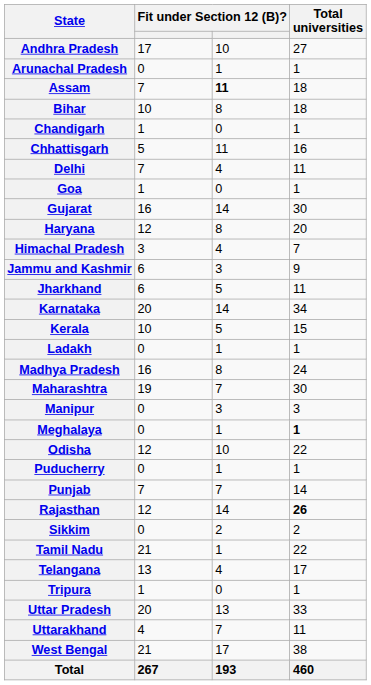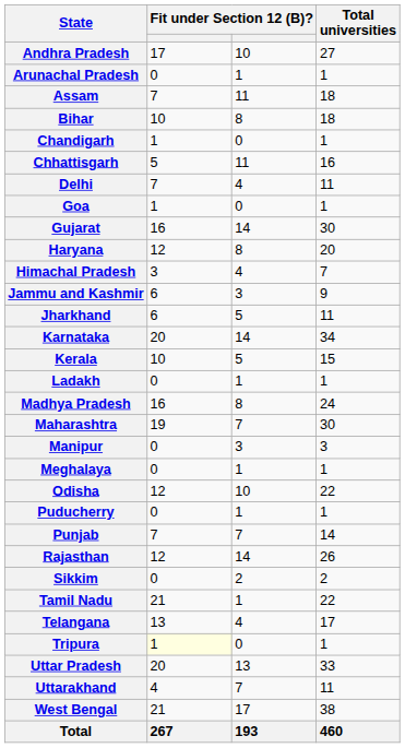 <table class="wikitable sortable collapsable plainrowheaders" border="1" style="text-align:left;">
 <tr>
 <th scope="col" rowspan = 2><a href='#'>State</a></th>
 <th scope="col" colspan = 2>Fit under Section 12 (B)?</th>
 <th scope="col" rowspan = 2>Total<br>universities</th>
 </tr>
 <tr>
 <th></th>
 <th></th>
 </tr>
 <tr>
 <th scope="row"><a href='#'>Andhra Pradesh</a></th>
 <td>17</td>
 <td>10</td>
 <td>27</td>
 </tr>
 <tr>
 <th scope="row"><a href='#'>Arunachal Pradesh</a></th>
 <td>0</td>
 <td>1</td>
 <td>1</td>
 </tr>
 <tr>
 <th scope="row"><a href='#'>Assam</a></th>
 <td>7</td>
-<td><strong>11</strong></td>
+<td>11</td>
 <td>18</td>
 </tr>
 <tr>
 <th scope="row"><a href='#'>Bihar</a></th>
 <td>10</td>
 <td>8</td>
 <td>18</td>
 </tr>
 <tr>
 <th scope="row"><a href='#'>Chandigarh</a></th>
 <td>1</td>
 <td>0</td>
 <td>1</td>
 </tr>
 <tr>
 <th scope="row"><a href='#'>Chhattisgarh</a></th>
 <td>5</td>
 <td>11</td>
 <td>16</td>
 </tr>
 <tr>
 <th scope="row"><a href='#'>Delhi</a></th>
 <td>7</td>
 <td>4</td>
 <td>11</td>
 </tr>
 <tr>
 <th scope="row"><a href='#'>Goa</a></th>
 <td>1</td>
 <td>0</td>
 <td>1</td>
 </tr>
 <tr>
 <th scope="row"><a href='#'>Gujarat</a></th>
 <td>16</td>
 <td>14</td>
 <td>30</td>
 </tr>
 <tr>
 <th scope="row"><a href='#'>Haryana</a></th>
 <td>12</td>
 <td>8</td>
 <td>20</td>
 </tr>
 <tr>
 <th scope="row"><a href='#'>Himachal Pradesh</a></th>
 <td>3</td>
 <td>4</td>
 <td>7</td>
 </tr>
 <tr>
 <th scope="row"><a href='#'>Jammu and Kashmir</a></th>
 <td>6</td>
 <td>3</td>
 <td>9</td>
 </tr>
 <tr>
 <th scope="row"><a href='#'>Jharkhand</a></th>
 <td>6</td>
 <td>5</td>
 <td>11</td>
 </tr>
 <tr>
 <th scope="row"><a href='#'>Karnataka</a></th>
 <td>20</td>
 <td>14</td>
 <td>34</td>
 </tr>
 <tr>
 <th scope="row"><a href='#'>Kerala</a></th>
 <td>10</td>
 <td>5</td>
 <td>15</td>
 </tr>
 <tr>
 <th scope="row"><a href='#'>Ladakh</a></th>
 <td>0</td>
 <td>1</td>
 <td>1</td>
 </tr>
 <tr>
 <th scope="row"><a href='#'>Madhya Pradesh</a></th>
 <td>16</td>
 <td>8</td>
 <td>24</td>
 </tr>
 <tr>
 <th scope="row"><a href='#'>Maharashtra</a></th>
 <td>19</td>
 <td>7</td>
 <td>30</td>
 </tr>
 <tr>
 <th scope="row"><a href='#'>Manipur</a></th>
 <td>0</td>
 <td>3</td>
 <td>3</td>
 </tr>
 <tr>
 <th scope="row"><a href='#'>Meghalaya</a></th>
 <td>0</td>
 <td>1</td>
-<td><strong>1</strong></td>
+<td>1</td>
 </tr>
 <tr>
 <th scope="row"><a href='#'>Odisha</a></th>
 <td>12</td>
 <td>10</td>
 <td>22</td>
 </tr>
 <tr>
 <th scope="row"><a href='#'>Puducherry</a></th>
 <td>0</td>
 <td>1</td>
 <td>1</td>
 </tr>
 <tr>
 <th scope="row"><a href='#'>Punjab</a></th>
 <td>7</td>
 <td>7</td>
 <td>14</td>
 </tr>
 <tr>
 <th scope="row"><a href='#'>Rajasthan</a></th>
 <td>12</td>
 <td>14</td>
-<td><strong>26</strong></td>
+<td>26</td>
 </tr>
 <tr>
 <th scope="row"><a href='#'>Sikkim</a></th>
 <td>0</td>
 <td>2</td>
 <td>2</td>
 </tr>
 <tr>
 <th scope="row"><a href='#'>Tamil Nadu</a></th>
 <td>21</td>
 <td>1</td>
 <td>22</td>
 </tr>
 <tr>
 <th scope="row"><a href='#'>Telangana</a></th>
 <td>13</td>
 <td>4</td>
 <td>17</td>
 </tr>
 <tr>
 <th scope="row"><a href='#'>Tripura</a></th>
-<td>1</td>
+<td style="background: lightyellow;">1</td>
 <td>0</td>
 <td>1</td>
 </tr>
 <tr>
 <th scope="row"><a href='#'>Uttar Pradesh</a></th>
 <td>20</td>
 <td>13</td>
 <td>33</td>
 </tr>
 <tr>
 <th scope="row"><a href='#'>Uttarakhand</a></th>
 <td>4</td>
 <td>7</td>
 <td>11</td>
 </tr>
 <tr>
 <th scope="row"><a href='#'>West Bengal</a></th>
 <td>21</td>
 <td>17</td>
 <td>38</td>
 </tr>
 <tr class="sortbottom">
 <th scope="row">Total</th>
 <th style="text-align:left">267</th>
 <th style="text-align:left">193</th>
 <th style="text-align:left">460</th>
 </tr>
 </table>
